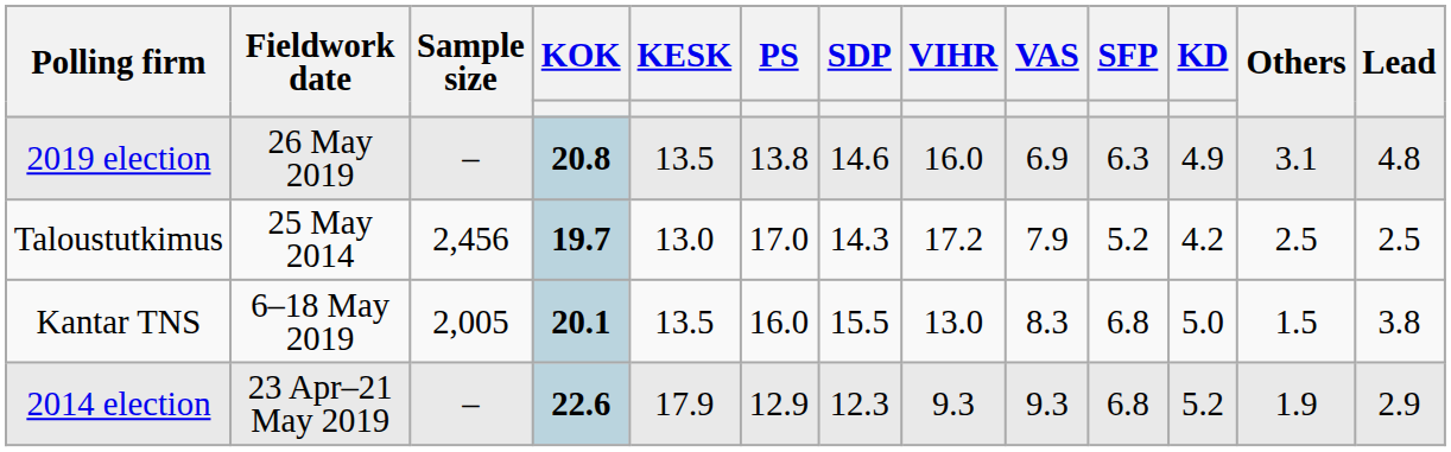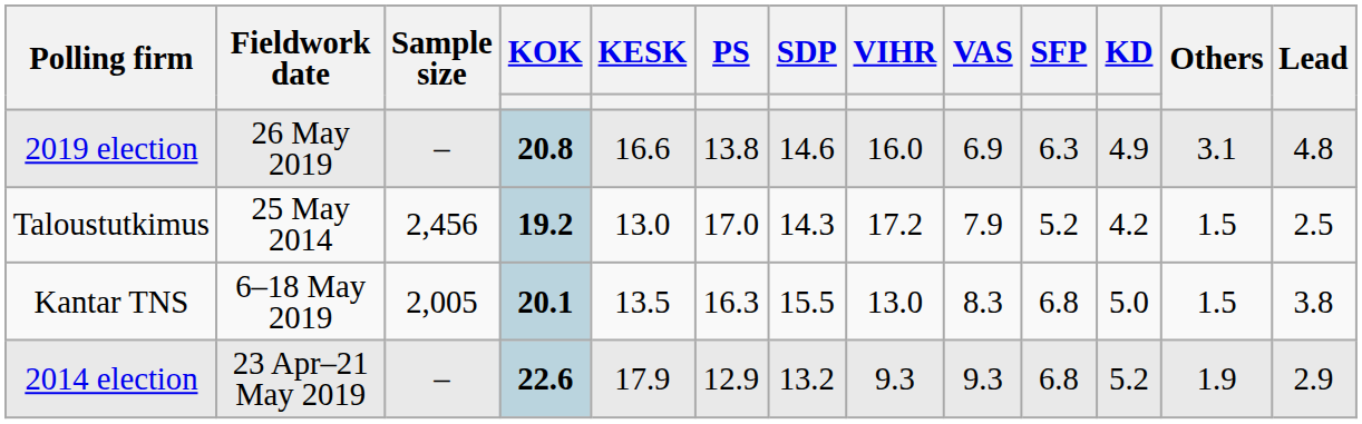 <table class="wikitable sortable" style="text-align:center;font-size:90%;line-height:14px;">
 <tr style="height:40px;">
 <th style="width:90px;" rowspan="2">Polling firm</th>
 <th style="width:125px;" rowspan="2">Fieldwork date</th>
 <th style="width:35px;" rowspan="2">Sample<br>size</th>
 <th class="unsortable" style="width:40px;"><a href='#'>KOK</a></th>
 <th class="unsortable" style="width:40px;"><a href='#'>KESK</a></th>
 <th class="unsortable" style="width:40px;"><a href='#'>PS</a></th>
 <th class="unsortable" style="width:40px;"><a href='#'>SDP</a></th>
 <th class="unsortable" style="width:40px;"><a href='#'>VIHR</a></th>
 <th class="unsortable" style="width:40px;"><a href='#'>VAS</a></th>
 <th class="unsortable" style="width:40px;"><a href='#'>SFP</a></th>
 <th class="unsortable" style="width:40px;"><a href='#'>KD</a></th>
 <th class="unsortable" style="width:30px;" rowspan="2">Others</th>
 <th style="width:30px;" rowspan="2">Lead</th>
 </tr>
 <tr>
 <th style="background:"></th>
 <th style="background:"></th>
 <th style="background:"></th>
 <th style="background:"></th>
 <th style="background:"></th>
 <th style="background:"></th>
 <th style="background:"></th>
 <th style="background:"></th>
 </tr>
 <tr style="background:#E9E9E9;">
 <td><a href='#'>2019 election</a></td>
 <td data-sort-value="2019-05-26">26 May 2019</td>
 <td>–</td>
 <td style="background:#BAD4DE;"><strong>20.8</strong></td>
-<td>13.5</td>
+<td>16.6</td>
 <td>13.8</td>
 <td>14.6</td>
 <td>16.0</td>
 <td>6.9</td>
 <td>6.3</td>
 <td>4.9</td>
 <td>3.1</td>
 <td style="background:">4.8</td>
 </tr>
 <tr>
 <td>Taloustutkimus</td>
 <td data-sort-value="2014-05-25">25 May 2014</td>
 <td>2,456</td>
-<td style="background:#BAD4DE;"><strong>19.7</strong></td>
+<td style="background:#BAD4DE;"><strong>19.2</strong></td>
 <td>13.0</td>
 <td>17.0</td>
 <td>14.3</td>
 <td>17.2</td>
 <td>7.9</td>
 <td>5.2</td>
 <td>4.2</td>
-<td>2.5</td>
+<td>1.5</td>
 <td style="background:">2.5</td>
 </tr>
 <tr>
 <td>Kantar TNS</td>
 <td data-sort-value="2019-05-18">6–18 May 2019</td>
 <td>2,005</td>
 <td style="background:#BAD4DE;"><strong>20.1</strong></td>
 <td>13.5</td>
-<td>16.0</td>
+<td>16.3</td>
 <td>15.5</td>
 <td>13.0</td>
 <td>8.3</td>
 <td>6.8</td>
 <td>5.0</td>
 <td>1.5</td>
 <td style="background:">3.8</td>
 </tr>
 <tr style="background:#E9E9E9;">
 <td><a href='#'>2014 election</a></td>
 <td data-sort-value="2019-05-21">23 Apr–21 May 2019</td>
 <td>–</td>
 <td style="background:#BAD4DE;"><strong>22.6</strong></td>
 <td>17.9</td>
 <td>12.9</td>
-<td>12.3</td>
+<td>13.2</td>
 <td>9.3</td>
 <td>9.3</td>
 <td>6.8</td>
 <td>5.2</td>
 <td>1.9</td>
 <td style="background:">2.9</td>
 </tr>
 </table>
